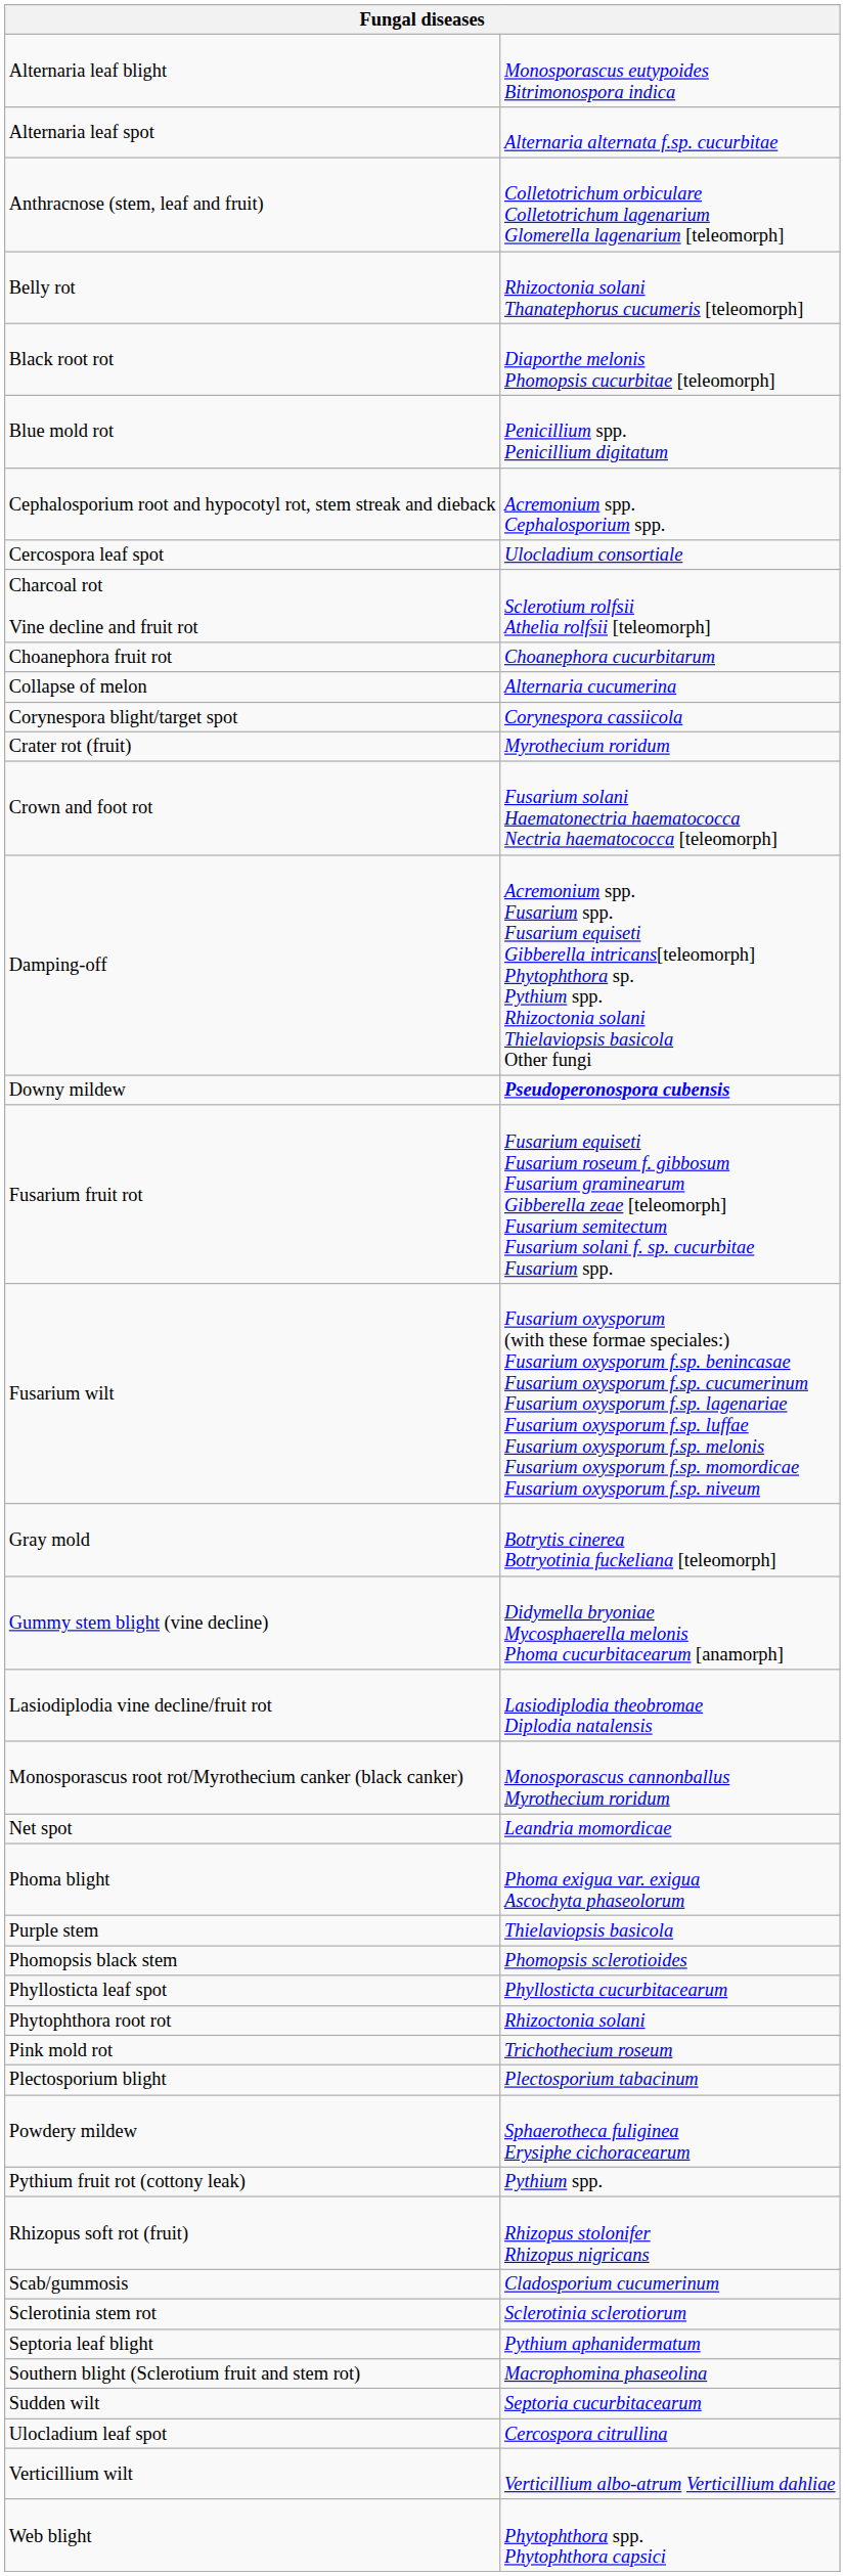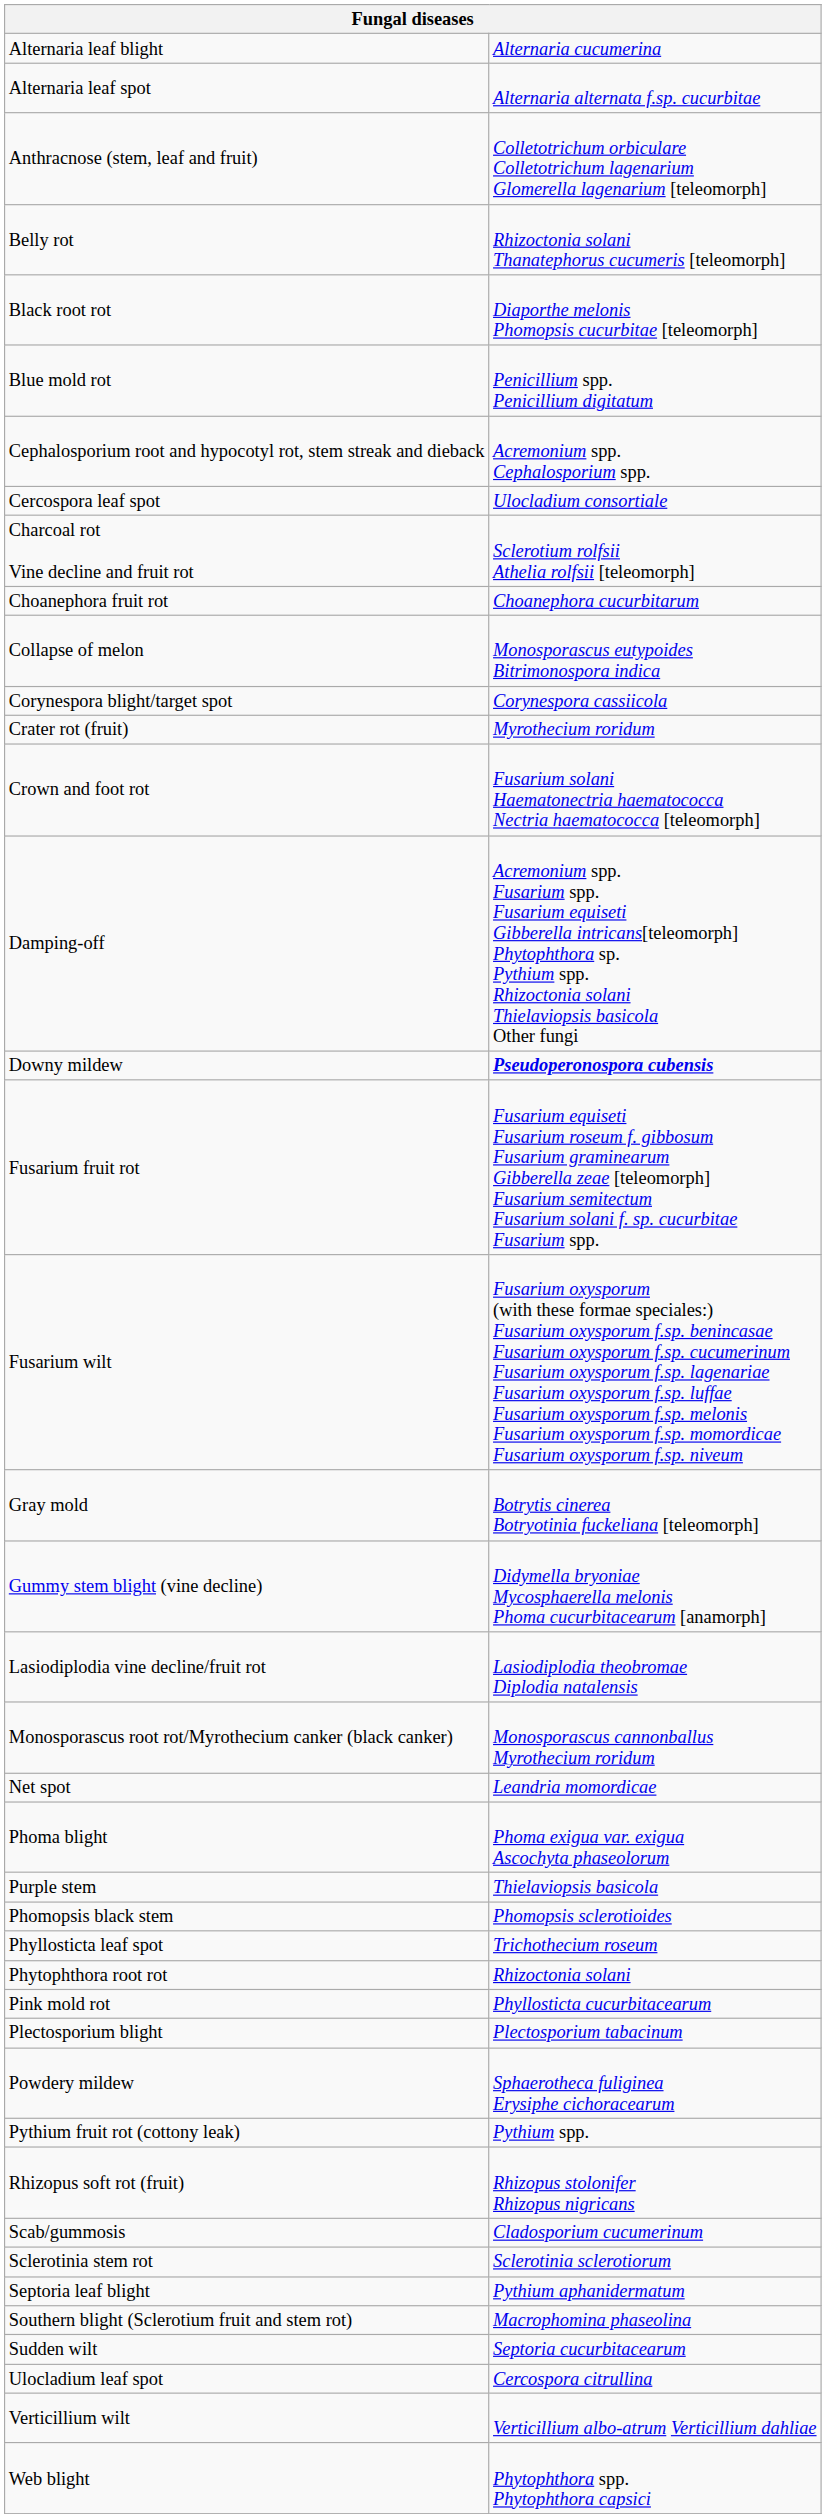 <table class="wikitable" style="clear">
 <tr>
 <th colspan=2><strong>Fungal diseases</strong></th>
 </tr>
 <tr>
 <td>Alternaria leaf blight</td>
-<td><br><em><a href='#'>Monosporascus eutypoides</a></em> <br>  <em><a href='#'>Bitrimonospora indica</a></em></td>
+<td><em><a href='#'>Alternaria cucumerina</a></em></td>
 </tr>
 <tr>
 <td>Alternaria leaf spot</td>
 <td><br><em><a href='#'>Alternaria alternata f.sp. cucurbitae</a></em></td>
 </tr>
 <tr>
 <td>Anthracnose (stem, leaf and fruit)</td>
 <td><br><em><a href='#'>Colletotrichum orbiculare</a></em> <br>  <em><a href='#'>Colletotrichum lagenarium</a></em><br> <em><a href='#'>Glomerella lagenarium</a></em> [teleomorph]</td>
 </tr>
 <tr>
 <td>Belly rot</td>
 <td><br><em><a href='#'>Rhizoctonia solani</a></em><br> <em><a href='#'>Thanatephorus cucumeris</a></em> [teleomorph]</td>
 </tr>
 <tr>
 <td>Black root rot</td>
 <td><br><em><a href='#'>Diaporthe melonis</a></em> <br> <em><a href='#'>Phomopsis cucurbitae</a></em> [teleomorph]</td>
 </tr>
 <tr>
 <td>Blue mold rot</td>
 <td><br><em><a href='#'>Penicillium</a></em> spp. <br> <em><a href='#'>Penicillium digitatum</a></em></td>
 </tr>
 <tr>
 <td>Cephalosporium root and hypocotyl rot, stem streak and dieback</td>
 <td><br><em><a href='#'>Acremonium</a></em> spp. <br>  <em><a href='#'>Cephalosporium</a></em> spp.</td>
 </tr>
 <tr>
 <td>Cercospora leaf spot</td>
 <td><em><a href='#'>Ulocladium consortiale</a></em></td>
 </tr>
 <tr>
 <td>Charcoal rot<br><br>Vine decline and fruit rot</td>
 <td><br><em><a href='#'>Sclerotium rolfsii</a></em><br> <em><a href='#'>Athelia rolfsii</a></em> [teleomorph]</td>
 </tr>
 <tr>
 <td>Choanephora fruit rot</td>
 <td><em><a href='#'>Choanephora cucurbitarum</a></em></td>
 </tr>
 <tr>
 <td>Collapse of melon</td>
-<td><em><a href='#'>Alternaria cucumerina</a></em></td>
+<td><br><em><a href='#'>Monosporascus eutypoides</a></em> <br>  <em><a href='#'>Bitrimonospora indica</a></em></td>
 </tr>
 <tr>
 <td>Corynespora blight/target spot</td>
 <td><em><a href='#'>Corynespora cassiicola</a></em></td>
 </tr>
 <tr>
 <td>Crater rot (fruit)</td>
 <td><em><a href='#'>Myrothecium roridum</a></em></td>
 </tr>
 <tr>
 <td>Crown and foot rot</td>
 <td><br><em><a href='#'>Fusarium solani</a></em> <br>  <em><a href='#'>Haematonectria haematococca</a></em><br> <em><a href='#'>Nectria haematococca</a></em> [teleomorph]</td>
 </tr>
 <tr>
 <td>Damping-off</td>
 <td><br><em><a href='#'>Acremonium</a></em> spp. <br> <em><a href='#'>Fusarium</a></em> spp. <br> <em><a href='#'>Fusarium equiseti</a></em><br> <em><a href='#'>Gibberella intricans</a></em>[teleomorph] <br> <em><a href='#'>Phytophthora</a></em> sp. <br> <em><a href='#'>Pythium</a></em> spp. <br> <em><a href='#'>Rhizoctonia solani</a></em><br> <em><a href='#'>Thielaviopsis basicola</a></em><br> Other fungi</td>
 </tr>
 <tr>
 <td>Downy mildew</td>
 <td><strong><em><a href='#'>Pseudoperonospora cubensis</a></em></strong></td>
 </tr>
 <tr>
 <td>Fusarium fruit rot</td>
 <td><br><em><a href='#'>Fusarium equiseti</a></em> <br>  <em><a href='#'>Fusarium roseum f. gibbosum</a></em><br> <em><a href='#'>Fusarium graminearum</a></em><br> <em><a href='#'>Gibberella zeae</a></em> [teleomorph] <br> <em><a href='#'>Fusarium semitectum</a></em><br> <em><a href='#'>Fusarium solani f. sp. cucurbitae</a></em><br> <em><a href='#'>Fusarium</a></em> spp.</td>
 </tr>
 <tr>
 <td>Fusarium wilt</td>
 <td><br><em><a href='#'>Fusarium oxysporum</a></em><br> (with these formae speciales:) <br> <em><a href='#'>Fusarium oxysporum f.sp. benincasae</a></em><br> <em><a href='#'>Fusarium oxysporum f.sp. cucumerinum</a></em><br> <em><a href='#'>Fusarium oxysporum f.sp. lagenariae</a></em><br> <em><a href='#'>Fusarium oxysporum f.sp. luffae</a></em><br> <em><a href='#'>Fusarium oxysporum f.sp. melonis</a></em><br> <em><a href='#'>Fusarium oxysporum f.sp. momordicae</a></em><br> <em><a href='#'>Fusarium oxysporum f.sp. niveum</a></em></td>
 </tr>
 <tr>
 <td>Gray mold</td>
 <td><br><em><a href='#'>Botrytis cinerea</a></em><br> <em><a href='#'>Botryotinia fuckeliana</a></em> [teleomorph]</td>
 </tr>
 <tr>
 <td><a href='#'>Gummy stem blight</a> (vine decline)</td>
 <td><br><em><a href='#'>Didymella bryoniae</a></em> <br>  <em><a href='#'>Mycosphaerella melonis</a></em><br> <em><a href='#'>Phoma cucurbitacearum</a></em> [anamorph]</td>
 </tr>
 <tr>
 <td>Lasiodiplodia vine decline/fruit rot</td>
 <td><br><em><a href='#'>Lasiodiplodia theobromae</a></em> <br>  <em><a href='#'>Diplodia natalensis</a></em></td>
 </tr>
 <tr>
 <td>Monosporascus root rot/Myrothecium canker (black canker)</td>
 <td><br><em><a href='#'>Monosporascus cannonballus</a></em> <br> <em><a href='#'>Myrothecium roridum</a></em></td>
 </tr>
 <tr>
 <td>Net spot</td>
 <td><em><a href='#'>Leandria momordicae</a></em></td>
 </tr>
 <tr>
 <td>Phoma blight</td>
 <td><br><em><a href='#'>Phoma exigua var. exigua</a></em> <br>  <em><a href='#'>Ascochyta phaseolorum</a></em></td>
 </tr>
 <tr>
 <td>Purple stem</td>
 <td><em><a href='#'>Thielaviopsis basicola</a></em></td>
 </tr>
 <tr>
 <td>Phomopsis black stem</td>
 <td><em><a href='#'>Phomopsis sclerotioides</a></em></td>
 </tr>
 <tr>
 <td>Phyllosticta leaf spot</td>
-<td><em><a href='#'>Phyllosticta cucurbitacearum</a></em></td>
+<td><em><a href='#'>Trichothecium roseum</a></em></td>
 </tr>
 <tr>
 <td>Phytophthora root rot</td>
 <td><em><a href='#'>Rhizoctonia solani</a></em></td>
 </tr>
 <tr>
 <td>Pink mold rot</td>
-<td><em><a href='#'>Trichothecium roseum</a></em></td>
+<td><em><a href='#'>Phyllosticta cucurbitacearum</a></em></td>
 </tr>
 <tr>
 <td>Plectosporium blight</td>
 <td><em><a href='#'>Plectosporium tabacinum</a></em></td>
 </tr>
 <tr>
 <td>Powdery mildew</td>
 <td><br><em><a href='#'>Sphaerotheca fuliginea</a></em><br> <em><a href='#'>Erysiphe cichoracearum</a></em></td>
 </tr>
 <tr>
 <td>Pythium fruit rot (cottony leak)</td>
 <td><em><a href='#'>Pythium</a></em> spp.</td>
 </tr>
 <tr>
 <td>Rhizopus soft rot (fruit)</td>
 <td><br><em><a href='#'>Rhizopus stolonifer</a></em> <br>  <em><a href='#'>Rhizopus nigricans</a></em></td>
 </tr>
 <tr>
 <td>Scab/gummosis</td>
 <td><em><a href='#'>Cladosporium cucumerinum</a></em></td>
 </tr>
 <tr>
 <td>Sclerotinia stem rot</td>
 <td><em><a href='#'>Sclerotinia sclerotiorum</a></em></td>
 </tr>
 <tr>
 <td>Septoria leaf blight</td>
 <td><em><a href='#'>Pythium aphanidermatum</a></em></td>
 </tr>
 <tr>
 <td>Southern blight (Sclerotium fruit and stem rot)</td>
 <td><em><a href='#'>Macrophomina phaseolina</a></em></td>
 </tr>
 <tr>
 <td>Sudden wilt</td>
 <td><em><a href='#'>Septoria cucurbitacearum</a></em></td>
 </tr>
 <tr>
 <td>Ulocladium leaf spot</td>
 <td><em><a href='#'>Cercospora citrullina</a></em></td>
 </tr>
 <tr>
 <td>Verticillium wilt</td>
 <td><br><em><a href='#'>Verticillium albo-atrum</a></em> <em><a href='#'>Verticillium dahliae</a></em></td>
 </tr>
 <tr>
 <td>Web blight</td>
 <td><br><em><a href='#'>Phytophthora</a></em> spp. <br> <em><a href='#'>Phytophthora capsici</a></em></td>
 </tr>
 <tr>
 </tr>
 </table>
